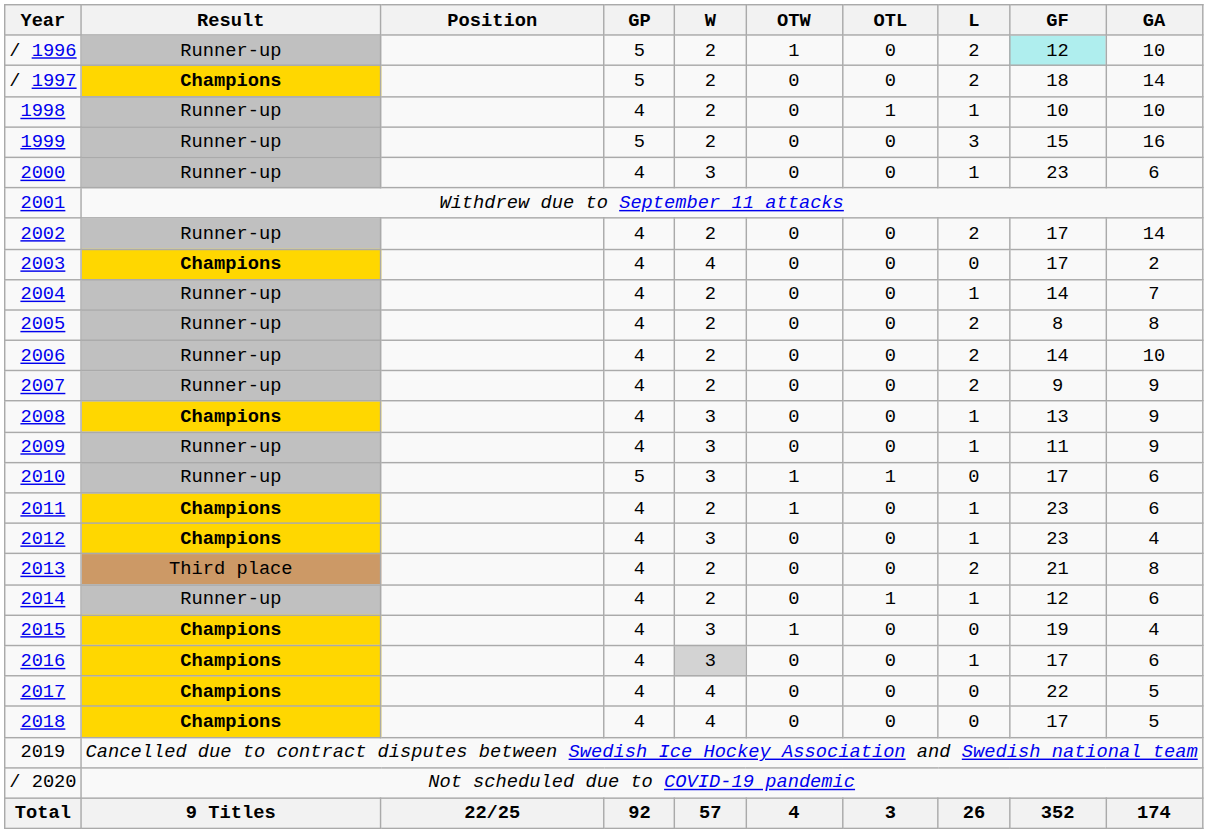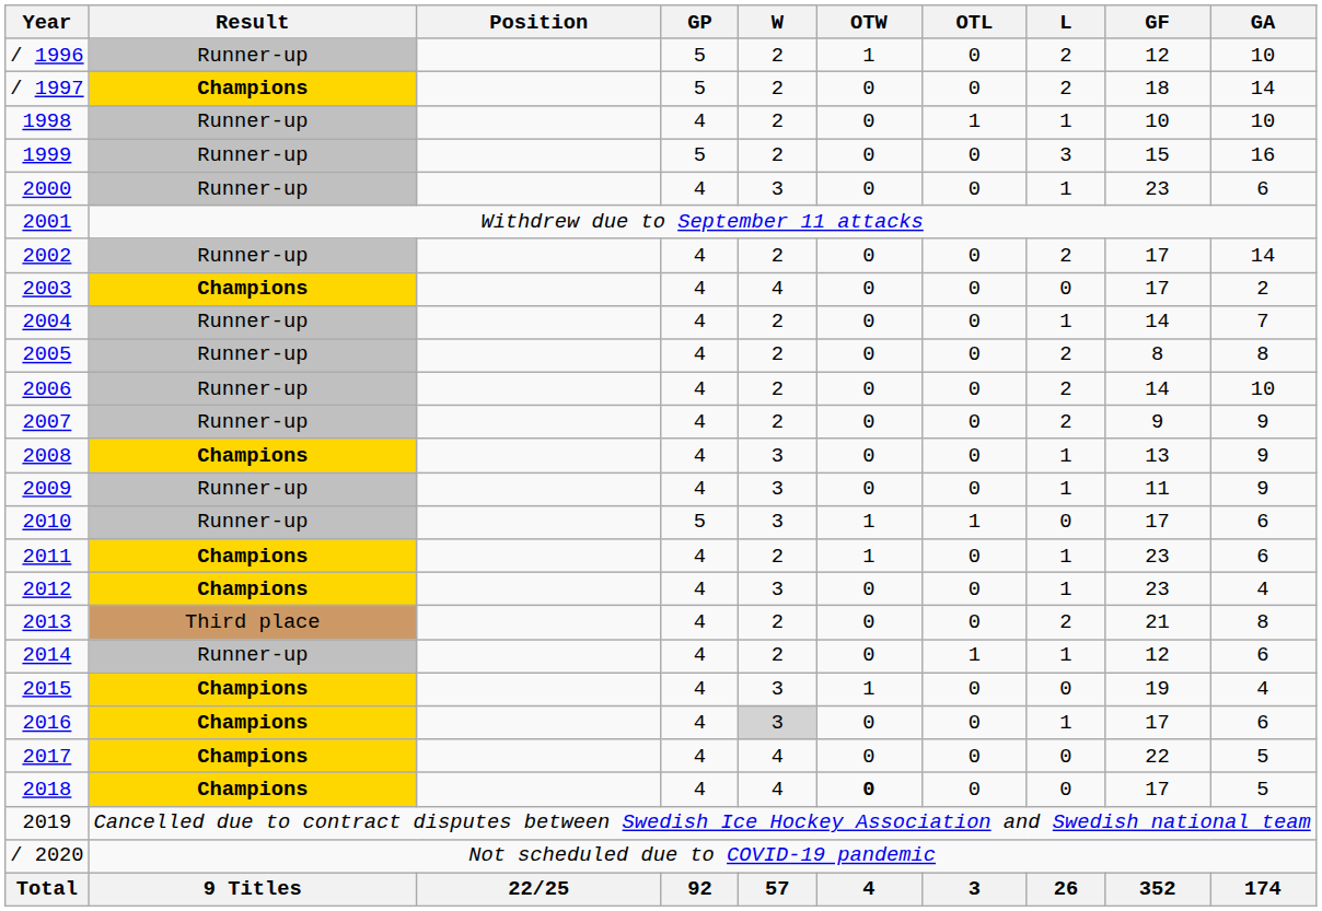 <table class="wikitable sortable" style="font-size: 100%; text-align: center;">
 <tr>
 <th>Year</th>
 <th>Result</th>
 <th>Position</th>
 <th>GP</th>
 <th>W</th>
 <th>OTW</th>
 <th>OTL</th>
 <th>L</th>
 <th>GF</th>
 <th>GA</th>
 </tr>
 <tr>
 <td> /  <a href='#'>1996</a></td>
 <td style="background:silver;">Runner-up</td>
 <td></td>
 <td>5</td>
 <td>2</td>
 <td>1</td>
 <td>0</td>
 <td>2</td>
-<td style="background: paleturquoise;">12</td>
+<td>12</td>
 <td>10</td>
 </tr>
 <tr>
 <td> /  <a href='#'>1997</a></td>
 <td style="background:gold;"><strong>Champions</strong></td>
 <td></td>
 <td>5</td>
 <td>2</td>
 <td>0</td>
 <td>0</td>
 <td>2</td>
 <td>18</td>
 <td>14</td>
 </tr>
 <tr>
 <td> <a href='#'>1998</a></td>
 <td style="background:silver;">Runner-up</td>
 <td></td>
 <td>4</td>
 <td>2</td>
 <td>0</td>
 <td>1</td>
 <td>1</td>
 <td>10</td>
 <td>10</td>
 </tr>
 <tr>
 <td> <a href='#'>1999</a></td>
 <td style="background:silver;">Runner-up</td>
 <td></td>
 <td>5</td>
 <td>2</td>
 <td>0</td>
 <td>0</td>
 <td>3</td>
 <td>15</td>
 <td>16</td>
 </tr>
 <tr>
 <td> <a href='#'>2000</a></td>
 <td style="background:silver;">Runner-up</td>
 <td></td>
 <td>4</td>
 <td>3</td>
 <td>0</td>
 <td>0</td>
 <td>1</td>
 <td>23</td>
 <td>6</td>
 </tr>
 <tr>
 <td> <a href='#'>2001</a></td>
 <td colspan=9><em>Withdrew due to <a href='#'>September 11 attacks</a></em></td>
 </tr>
 <tr>
 <td> <a href='#'>2002</a></td>
 <td style="background:silver;">Runner-up</td>
 <td></td>
 <td>4</td>
 <td>2</td>
 <td>0</td>
 <td>0</td>
 <td>2</td>
 <td>17</td>
 <td>14</td>
 </tr>
 <tr>
 <td> <a href='#'>2003</a></td>
 <td style="background:gold;"><strong>Champions</strong></td>
 <td></td>
 <td>4</td>
 <td>4</td>
 <td>0</td>
 <td>0</td>
 <td>0</td>
 <td>17</td>
 <td>2</td>
 </tr>
 <tr>
 <td> <a href='#'>2004</a></td>
 <td style="background:silver;">Runner-up</td>
 <td></td>
 <td>4</td>
 <td>2</td>
 <td>0</td>
 <td>0</td>
 <td>1</td>
 <td>14</td>
 <td>7</td>
 </tr>
 <tr>
 <td> <a href='#'>2005</a></td>
 <td style="background:silver;">Runner-up</td>
 <td></td>
 <td>4</td>
 <td>2</td>
 <td>0</td>
 <td>0</td>
 <td>2</td>
 <td>8</td>
 <td>8</td>
 </tr>
 <tr>
 <td> <a href='#'>2006</a></td>
 <td style="background:silver;">Runner-up</td>
 <td></td>
 <td>4</td>
 <td>2</td>
 <td>0</td>
 <td>0</td>
 <td>2</td>
 <td>14</td>
 <td>10</td>
 </tr>
 <tr>
 <td> <a href='#'>2007</a></td>
 <td style="background:silver;">Runner-up</td>
 <td></td>
 <td>4</td>
 <td>2</td>
 <td>0</td>
 <td>0</td>
 <td>2</td>
 <td>9</td>
 <td>9</td>
 </tr>
 <tr>
 <td> <a href='#'>2008</a></td>
 <td style="background:gold;"><strong>Champions</strong></td>
 <td></td>
 <td>4</td>
 <td>3</td>
 <td>0</td>
 <td>0</td>
 <td>1</td>
 <td>13</td>
 <td>9</td>
 </tr>
 <tr>
 <td> <a href='#'>2009</a></td>
 <td style="background:silver;">Runner-up</td>
 <td></td>
 <td>4</td>
 <td>3</td>
 <td>0</td>
 <td>0</td>
 <td>1</td>
 <td>11</td>
 <td>9</td>
 </tr>
 <tr>
 <td> <a href='#'>2010</a></td>
 <td style="background:silver;">Runner-up</td>
 <td></td>
 <td>5</td>
 <td>3</td>
 <td>1</td>
 <td>1</td>
 <td>0</td>
 <td>17</td>
 <td>6</td>
 </tr>
 <tr>
 <td> <a href='#'>2011</a></td>
 <td style="background:gold;"><strong>Champions</strong></td>
 <td></td>
 <td>4</td>
 <td>2</td>
 <td>1</td>
 <td>0</td>
 <td>1</td>
 <td>23</td>
 <td>6</td>
 </tr>
 <tr>
 <td> <a href='#'>2012</a></td>
 <td style="background:gold;"><strong>Champions</strong></td>
 <td></td>
 <td>4</td>
 <td>3</td>
 <td>0</td>
 <td>0</td>
 <td>1</td>
 <td>23</td>
 <td>4</td>
 </tr>
 <tr>
 <td> <a href='#'>2013</a></td>
 <td style="background:#cc9966;">Third place</td>
 <td></td>
 <td>4</td>
 <td>2</td>
 <td>0</td>
 <td>0</td>
 <td>2</td>
 <td>21</td>
 <td>8</td>
 </tr>
 <tr>
 <td> <a href='#'>2014</a></td>
 <td style="background:silver;">Runner-up</td>
 <td></td>
 <td>4</td>
 <td>2</td>
 <td>0</td>
 <td>1</td>
 <td>1</td>
 <td>12</td>
 <td>6</td>
 </tr>
 <tr>
 <td> <a href='#'>2015</a></td>
 <td style="background:gold;"><strong>Champions</strong></td>
 <td></td>
 <td>4</td>
 <td>3</td>
 <td>1</td>
 <td>0</td>
 <td>0</td>
 <td>19</td>
 <td>4</td>
 </tr>
 <tr>
 <td> <a href='#'>2016</a></td>
 <td style="background:gold;"><strong>Champions</strong></td>
 <td></td>
 <td>4</td>
 <td style="background: lightgrey;">3</td>
 <td>0</td>
 <td>0</td>
 <td>1</td>
 <td>17</td>
 <td>6</td>
 </tr>
 <tr>
 <td> <a href='#'>2017</a></td>
 <td style="background:gold;"><strong>Champions</strong></td>
 <td></td>
 <td>4</td>
 <td>4</td>
 <td>0</td>
 <td>0</td>
 <td>0</td>
 <td>22</td>
 <td>5</td>
 </tr>
 <tr>
 <td> <a href='#'>2018</a></td>
 <td style="background:gold;"><strong>Champions</strong></td>
 <td></td>
 <td>4</td>
 <td>4</td>
-<td>0</td>
+<td><strong>0</strong></td>
 <td>0</td>
 <td>0</td>
 <td>17</td>
 <td>5</td>
 </tr>
 <tr>
 <td> 2019</td>
 <td colspan=9><em>Cancelled due to contract disputes between <a href='#'>Swedish Ice Hockey Association</a> and <a href='#'>Swedish national team</a></em></td>
 </tr>
 <tr>
 <td> /  2020</td>
 <td colspan=9><em>Not scheduled due to <a href='#'>COVID-19 pandemic</a></em></td>
 </tr>
 <tr>
 <th>Total</th>
 <th>9 Titles</th>
 <th>22/25</th>
 <th>92</th>
 <th>57</th>
 <th>4</th>
 <th>3</th>
 <th>26</th>
 <th>352</th>
 <th>174</th>
 </tr>
 </table>
